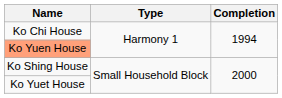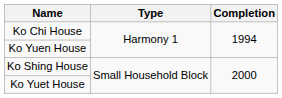 <table class="wikitable" style="text-align: center">
 <tr>
 <th>Name</th>
 <th>Type</th>
 <th>Completion</th>
 </tr>
 <tr>
 <td>Ko Chi House</td>
 <td rowspan="2">Harmony 1</td>
 <td rowspan="2">1994</td>
 </tr>
 <tr>
-<td style="background: lightsalmon;">Ko Yuen House</td>
+<td>Ko Yuen House</td>
 </tr>
 <tr>
 <td>Ko Shing House</td>
 <td rowspan="2">Small Household Block</td>
 <td rowspan="2">2000</td>
 </tr>
 <tr>
 <td>Ko Yuet House</td>
 </tr>
 </table>
